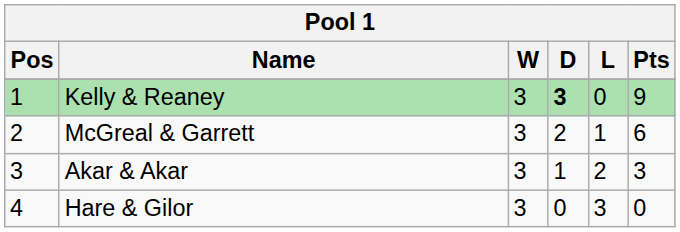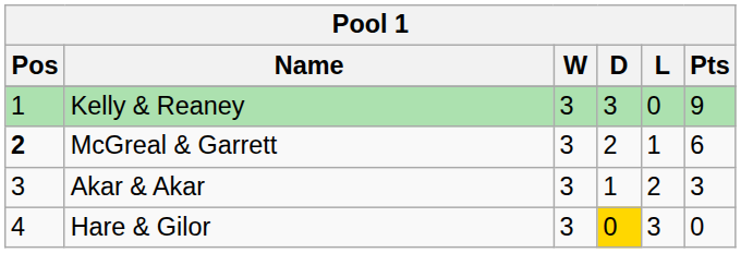 <table class="wikitable">
 <tr>
 <th colspan="6">Pool 1</th>
 </tr>
 <tr>
 <th width=30>Pos</th>
 <th width=300>Name</th>
 <th width=20>W</th>
 <th width=20>D</th>
 <th width=20>L</th>
 <th width=20>Pts</th>
 </tr>
 <tr>
 </tr>
 <tr style="background:#ACE1AF;">
 <td>1</td>
 <td> Kelly & Reaney</td>
 <td>3</td>
-<td><strong>3</strong></td>
+<td>3</td>
 <td>0</td>
 <td>9</td>
 </tr>
 <tr>
-<td>2</td>
+<td><strong>2</strong></td>
 <td> McGreal & Garrett</td>
 <td>3</td>
 <td>2</td>
 <td>1</td>
 <td>6</td>
 </tr>
 <tr>
 <td>3</td>
 <td> Akar & Akar</td>
 <td>3</td>
 <td>1</td>
 <td>2</td>
 <td>3</td>
 </tr>
 <tr>
 <td>4</td>
 <td> Hare & Gilor</td>
 <td>3</td>
-<td>0</td>
+<td style="background: gold;">0</td>
 <td>3</td>
 <td>0</td>
 </tr>
 </table>
